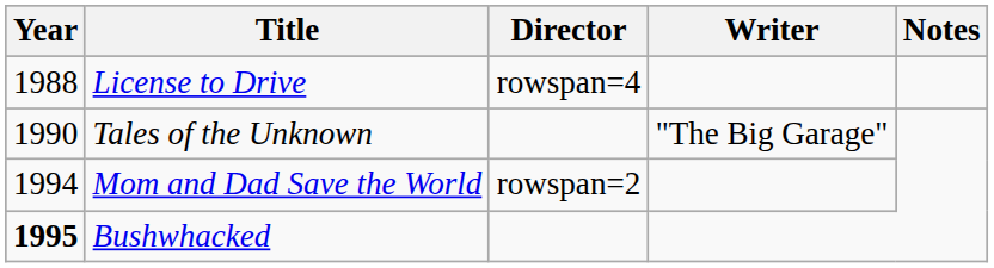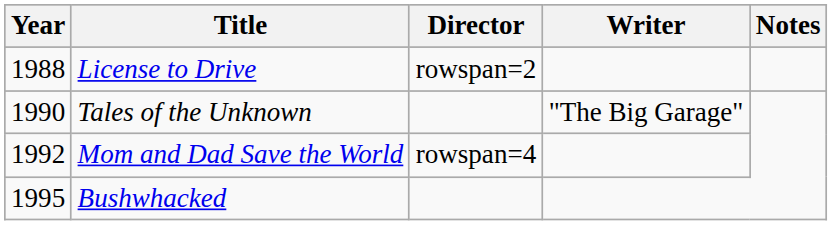 <table class="wikitable">
 <tr>
 <th>Year</th>
 <th>Title</th>
 <th>Director</th>
 <th>Writer</th>
 <th>Notes</th>
 </tr>
 <tr>
 <td>1988</td>
 <td><em><a href='#'>License to Drive</a></em></td>
-<td>rowspan=4 </td>
+<td>rowspan=2 </td>
 <td></td>
 <td></td>
 </tr>
 <tr>
 <td>1990</td>
 <td><em>Tales of the Unknown</em></td>
 <td></td>
 <td>"The Big Garage"</td>
 </tr>
 <tr>
-<td>1994</td>
+<td>1992</td>
 <td><em><a href='#'>Mom and Dad Save the World</a></em></td>
-<td>rowspan=2 </td>
+<td>rowspan=4 </td>
 <td></td>
 </tr>
 <tr>
-<td><strong>1995</strong></td>
+<td>1995</td>
 <td><em><a href='#'>Bushwhacked</a></em></td>
 <td></td>
 </tr>
 </table>
